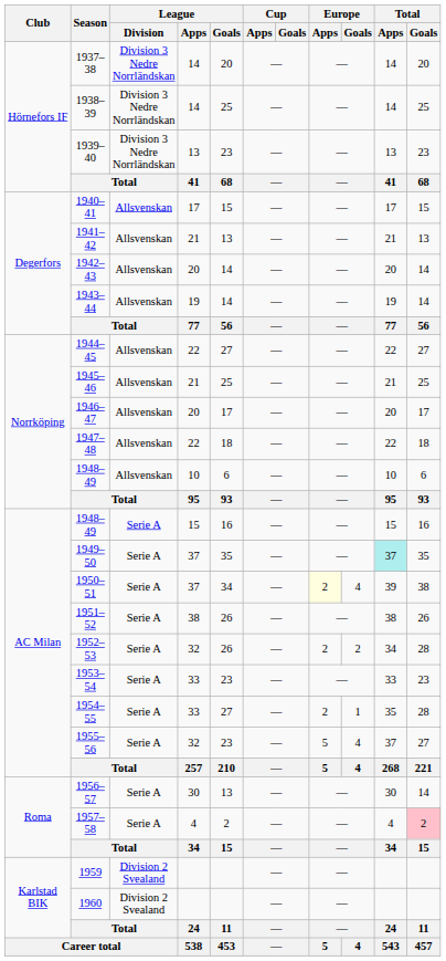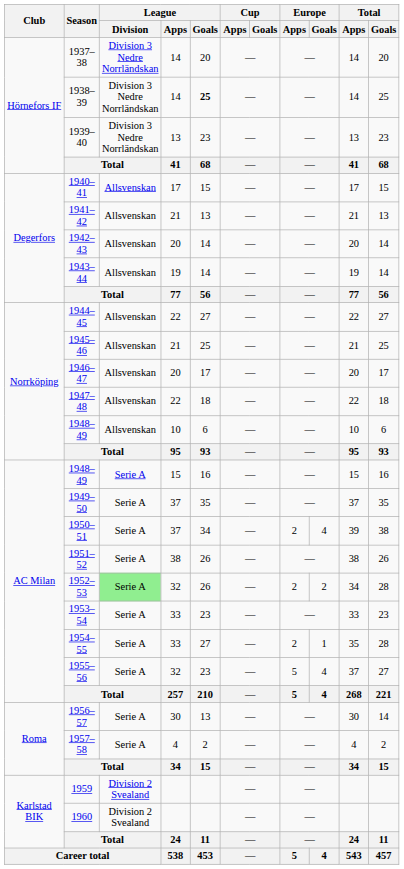 <table class="wikitable" style="text-align:center">
 <tr>
 <th rowspan="2" width="100">Club</th>
 <th rowspan="2">Season</th>
 <th colspan="3">League</th>
 <th colspan="2">Cup</th>
 <th colspan="2">Europe</th>
 <th colspan="2">Total</th>
 </tr>
 <tr>
 <th>Division</th>
 <th width="40">Apps</th>
 <th width="40">Goals</th>
 <th width="40">Apps</th>
 <th width="40">Goals</th>
 <th width="40">Apps</th>
 <th width="40">Goals</th>
 <th width="40">Apps</th>
 <th width="40">Goals</th>
 </tr>
 <tr>
 <td rowspan="4"><a href='#'>Hörnefors IF</a></td>
 <td>1937–38</td>
 <td><a href='#'>Division 3 Nedre Norrländskan</a></td>
 <td>14</td>
 <td>20</td>
 <td colspan=2>—</td>
 <td colspan=2>—</td>
 <td>14</td>
 <td>20</td>
 </tr>
 <tr>
 <td>1938–39</td>
 <td>Division 3 Nedre Norrländskan</td>
 <td>14</td>
-<td>25</td>
+<td><strong>25</strong></td>
 <td colspan=2>—</td>
 <td colspan=2>—</td>
 <td>14</td>
 <td>25</td>
 </tr>
 <tr>
 <td>1939–40</td>
 <td>Division 3 Nedre Norrländskan</td>
 <td>13</td>
 <td>23</td>
 <td colspan=2>—</td>
 <td colspan=2>—</td>
 <td>13</td>
 <td>23</td>
 </tr>
 <tr>
 <th colspan="2">Total</th>
 <th>41</th>
 <th>68</th>
 <th colspan=2>—</th>
 <th colspan=2>—</th>
 <th>41</th>
 <th>68</th>
 </tr>
 <tr>
 <td rowspan="5"><a href='#'>Degerfors</a></td>
 <td><a href='#'>1940–41</a></td>
 <td><a href='#'>Allsvenskan</a></td>
 <td>17</td>
 <td>15</td>
 <td colspan=2>—</td>
 <td colspan=2>—</td>
 <td>17</td>
 <td>15</td>
 </tr>
 <tr>
 <td><a href='#'>1941–42</a></td>
 <td>Allsvenskan</td>
 <td>21</td>
 <td>13</td>
 <td colspan=2>—</td>
 <td colspan=2>—</td>
 <td>21</td>
 <td>13</td>
 </tr>
 <tr>
 <td><a href='#'>1942–43</a></td>
 <td>Allsvenskan</td>
 <td>20</td>
 <td>14</td>
 <td colspan=2>—</td>
 <td colspan=2>—</td>
 <td>20</td>
 <td>14</td>
 </tr>
 <tr>
 <td><a href='#'>1943–44</a></td>
 <td>Allsvenskan</td>
 <td>19</td>
 <td>14</td>
 <td colspan=2>—</td>
 <td colspan=2>—</td>
 <td>19</td>
 <td>14</td>
 </tr>
 <tr>
 <th colspan="2">Total</th>
 <th>77</th>
 <th>56</th>
 <th colspan=2>—</th>
 <th colspan=2>—</th>
 <th>77</th>
 <th>56</th>
 </tr>
 <tr>
 <td rowspan="6"><a href='#'>Norrköping</a></td>
 <td><a href='#'>1944–45</a></td>
 <td>Allsvenskan</td>
 <td>22</td>
 <td>27</td>
 <td colspan=2>—</td>
 <td colspan=2>—</td>
 <td>22</td>
 <td>27</td>
 </tr>
 <tr>
 <td><a href='#'>1945–46</a></td>
 <td>Allsvenskan</td>
 <td>21</td>
 <td>25</td>
 <td colspan=2>—</td>
 <td colspan=2>—</td>
 <td>21</td>
 <td>25</td>
 </tr>
 <tr>
 <td><a href='#'>1946–47</a></td>
 <td>Allsvenskan</td>
 <td>20</td>
 <td>17</td>
 <td colspan=2>—</td>
 <td colspan=2>—</td>
 <td>20</td>
 <td>17</td>
 </tr>
 <tr>
 <td><a href='#'>1947–48</a></td>
 <td>Allsvenskan</td>
 <td>22</td>
 <td>18</td>
 <td colspan=2>—</td>
 <td colspan=2>—</td>
 <td>22</td>
 <td>18</td>
 </tr>
 <tr>
 <td><a href='#'>1948–49</a></td>
 <td>Allsvenskan</td>
 <td>10</td>
 <td>6</td>
 <td colspan=2>—</td>
 <td colspan=2>—</td>
 <td>10</td>
 <td>6</td>
 </tr>
 <tr>
 <th colspan="2">Total</th>
 <th>95</th>
 <th>93</th>
 <th colspan=2>—</th>
 <th colspan=2>—</th>
 <th>95</th>
 <th>93</th>
 </tr>
 <tr>
 <td rowspan="9"><a href='#'>AC Milan</a></td>
 <td><a href='#'>1948–49</a></td>
 <td><a href='#'>Serie A</a></td>
 <td>15</td>
 <td>16</td>
 <td colspan=2>—</td>
 <td colspan=2>—</td>
 <td>15</td>
 <td>16</td>
 </tr>
 <tr>
 <td><a href='#'>1949–50</a></td>
 <td>Serie A</td>
 <td>37</td>
 <td>35</td>
 <td colspan=2>—</td>
 <td colspan=2>—</td>
-<td style="background: paleturquoise;">37</td>
+<td>37</td>
 <td>35</td>
 </tr>
 <tr>
 <td><a href='#'>1950–51</a></td>
 <td>Serie A</td>
 <td>37</td>
 <td>34</td>
 <td colspan=2>—</td>
-<td style="background: lightyellow;">2</td>
+<td>2</td>
 <td>4</td>
 <td>39</td>
 <td>38</td>
 </tr>
 <tr>
 <td><a href='#'>1951–52</a></td>
 <td>Serie A</td>
 <td>38</td>
 <td>26</td>
 <td colspan=2>—</td>
 <td colspan=2>—</td>
 <td>38</td>
 <td>26</td>
 </tr>
 <tr>
 <td><a href='#'>1952–53</a></td>
-<td>Serie A</td>
+<td style="background: lightgreen;">Serie A</td>
 <td>32</td>
 <td>26</td>
 <td colspan=2>—</td>
 <td>2</td>
 <td>2</td>
 <td>34</td>
 <td>28</td>
 </tr>
 <tr>
 <td><a href='#'>1953–54</a></td>
 <td>Serie A</td>
 <td>33</td>
 <td>23</td>
 <td colspan=2>—</td>
 <td colspan=2>—</td>
 <td>33</td>
 <td>23</td>
 </tr>
 <tr>
 <td><a href='#'>1954–55</a></td>
 <td>Serie A</td>
 <td>33</td>
 <td>27</td>
 <td colspan=2>—</td>
 <td>2</td>
 <td>1</td>
 <td>35</td>
 <td>28</td>
 </tr>
 <tr>
 <td><a href='#'>1955–56</a></td>
 <td>Serie A</td>
 <td>32</td>
 <td>23</td>
 <td colspan=2>—</td>
 <td>5</td>
 <td>4</td>
 <td>37</td>
 <td>27</td>
 </tr>
 <tr>
 <th colspan="2">Total</th>
 <th>257</th>
 <th>210</th>
 <th colspan=2>—</th>
 <th>5</th>
 <th>4</th>
 <th>268</th>
 <th>221</th>
 </tr>
 <tr>
 <td rowspan="3"><a href='#'>Roma</a></td>
 <td><a href='#'>1956–57</a></td>
 <td>Serie A</td>
 <td>30</td>
 <td>13</td>
 <td colspan=2>—</td>
 <td colspan=2>—</td>
 <td>30</td>
 <td>14</td>
 </tr>
 <tr>
 <td><a href='#'>1957–58</a></td>
 <td>Serie A</td>
 <td>4</td>
 <td>2</td>
 <td colspan=2>—</td>
 <td colspan=2>—</td>
 <td>4</td>
-<td style="background: pink;">2</td>
+<td>2</td>
 </tr>
 <tr>
 <th colspan="2">Total</th>
 <th>34</th>
 <th>15</th>
 <th colspan=2>—</th>
 <th colspan=2>—</th>
 <th>34</th>
 <th>15</th>
 </tr>
 <tr>
 <td rowspan="3"><a href='#'>Karlstad BIK</a></td>
 <td><a href='#'>1959</a></td>
 <td><a href='#'>Division 2 Svealand</a></td>
 <td></td>
 <td></td>
 <td colspan=2>—</td>
 <td colspan=2>—</td>
 <td></td>
 <td></td>
 </tr>
 <tr>
 <td><a href='#'>1960</a></td>
 <td>Division 2 Svealand</td>
 <td></td>
 <td></td>
 <td colspan=2>—</td>
 <td colspan=2>—</td>
 <td></td>
 <td></td>
 </tr>
 <tr>
 <th colspan="2">Total</th>
 <th>24</th>
 <th>11</th>
 <th colspan=2>—</th>
 <th colspan=2>—</th>
 <th>24</th>
 <th>11</th>
 </tr>
 <tr>
 <th colspan="3">Career total</th>
 <th>538</th>
 <th>453</th>
 <th colspan=2>—</th>
 <th>5</th>
 <th>4</th>
 <th>543</th>
 <th>457</th>
 </tr>
 </table>
